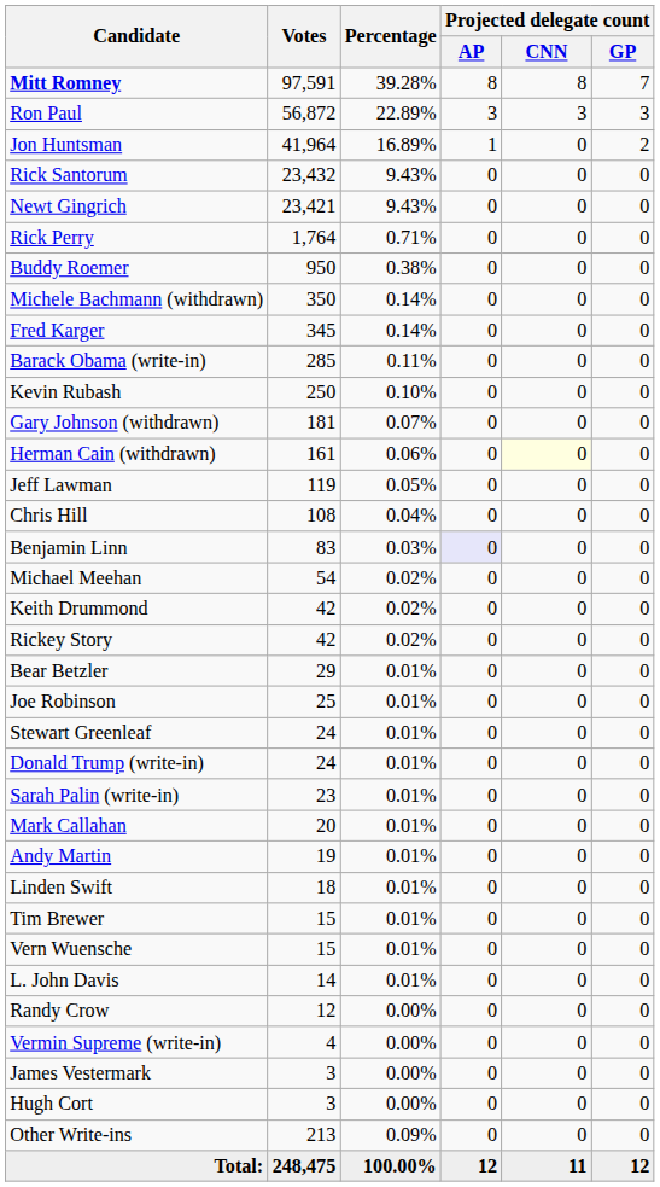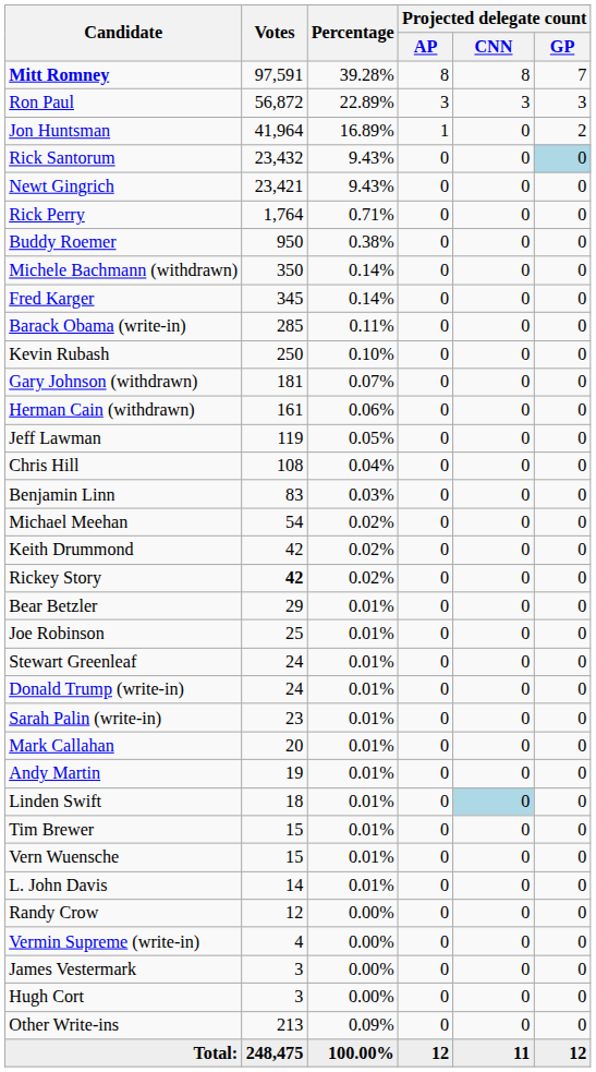 <table class="wikitable" style="text-align:right;">
 <tr>
 <th rowspan="2">Candidate</th>
 <th rowspan="2">Votes</th>
 <th rowspan="2">Percentage</th>
 <th colspan="3">Projected delegate count</th>
 </tr>
 <tr>
 <th><a href='#'>AP</a></th>
 <th><a href='#'>CNN</a></th>
 <th><a href='#'>GP</a></th>
 </tr>
 <tr>
 <td align="left"><strong><a href='#'>Mitt Romney</a></strong></td>
 <td>97,591</td>
 <td>39.28%</td>
 <td>8</td>
 <td>8</td>
 <td>7</td>
 </tr>
 <tr>
 <td align="left"><a href='#'>Ron Paul</a></td>
 <td>56,872</td>
 <td>22.89%</td>
 <td>3</td>
 <td>3</td>
 <td>3</td>
 </tr>
 <tr>
 <td align="left"><a href='#'>Jon Huntsman</a></td>
 <td>41,964</td>
 <td>16.89%</td>
 <td>1</td>
 <td>0</td>
 <td>2</td>
 </tr>
 <tr>
 <td align="left"><a href='#'>Rick Santorum</a></td>
 <td>23,432</td>
 <td>9.43%</td>
 <td>0</td>
 <td>0</td>
-<td>0</td>
+<td style="background: lightblue;">0</td>
 </tr>
 <tr>
 <td align="left"><a href='#'>Newt Gingrich</a></td>
 <td>23,421</td>
 <td>9.43%</td>
 <td>0</td>
 <td>0</td>
 <td>0</td>
 </tr>
 <tr>
 <td align="left"><a href='#'>Rick Perry</a></td>
 <td>1,764</td>
 <td>0.71%</td>
 <td>0</td>
 <td>0</td>
 <td>0</td>
 </tr>
 <tr>
 <td align="left"><a href='#'>Buddy Roemer</a></td>
 <td>950</td>
 <td>0.38%</td>
 <td>0</td>
 <td>0</td>
 <td>0</td>
 </tr>
 <tr>
 <td align="left"><a href='#'>Michele Bachmann</a> (withdrawn)</td>
 <td>350</td>
 <td>0.14%</td>
 <td>0</td>
 <td>0</td>
 <td>0</td>
 </tr>
 <tr>
 <td align="left"><a href='#'>Fred Karger</a></td>
 <td>345</td>
 <td>0.14%</td>
 <td>0</td>
 <td>0</td>
 <td>0</td>
 </tr>
 <tr>
 <td align="left"><a href='#'>Barack Obama</a> (write-in)</td>
 <td>285</td>
 <td>0.11%</td>
 <td>0</td>
 <td>0</td>
 <td>0</td>
 </tr>
 <tr>
 <td align="left">Kevin Rubash</td>
 <td>250</td>
 <td>0.10%</td>
 <td>0</td>
 <td>0</td>
 <td>0</td>
 </tr>
 <tr>
 <td align="left"><a href='#'>Gary Johnson</a> (withdrawn)</td>
 <td>181</td>
 <td>0.07%</td>
 <td>0</td>
 <td>0</td>
 <td>0</td>
 </tr>
 <tr>
 <td align="left"><a href='#'>Herman Cain</a> (withdrawn)</td>
 <td>161</td>
 <td>0.06%</td>
 <td>0</td>
-<td style="background: lightyellow;">0</td>
+<td>0</td>
 <td>0</td>
 </tr>
 <tr>
 <td align="left">Jeff Lawman</td>
 <td>119</td>
 <td>0.05%</td>
 <td>0</td>
 <td>0</td>
 <td>0</td>
 </tr>
 <tr>
 <td align="left">Chris Hill</td>
 <td>108</td>
 <td>0.04%</td>
 <td>0</td>
 <td>0</td>
 <td>0</td>
 </tr>
 <tr>
 <td align="left">Benjamin Linn</td>
 <td>83</td>
 <td>0.03%</td>
-<td style="background: lavender;">0</td>
+<td>0</td>
 <td>0</td>
 <td>0</td>
 </tr>
 <tr>
 <td align="left">Michael Meehan</td>
 <td>54</td>
 <td>0.02%</td>
 <td>0</td>
 <td>0</td>
 <td>0</td>
 </tr>
 <tr>
 <td align="left">Keith Drummond</td>
 <td>42</td>
 <td>0.02%</td>
 <td>0</td>
 <td>0</td>
 <td>0</td>
 </tr>
 <tr>
 <td align="left">Rickey Story</td>
-<td>42</td>
+<td><strong>42</strong></td>
 <td>0.02%</td>
 <td>0</td>
 <td>0</td>
 <td>0</td>
 </tr>
 <tr>
 <td align="left">Bear Betzler</td>
 <td>29</td>
 <td>0.01%</td>
 <td>0</td>
 <td>0</td>
 <td>0</td>
 </tr>
 <tr>
 <td align="left">Joe Robinson</td>
 <td>25</td>
 <td>0.01%</td>
 <td>0</td>
 <td>0</td>
 <td>0</td>
 </tr>
 <tr>
 <td align="left">Stewart Greenleaf</td>
 <td>24</td>
 <td>0.01%</td>
 <td>0</td>
 <td>0</td>
 <td>0</td>
 </tr>
 <tr>
 <td align="left"><a href='#'>Donald Trump</a> (write-in)</td>
 <td>24</td>
 <td>0.01%</td>
 <td>0</td>
 <td>0</td>
 <td>0</td>
 </tr>
 <tr>
 <td align="left"><a href='#'>Sarah Palin</a> (write-in)</td>
 <td>23</td>
 <td>0.01%</td>
 <td>0</td>
 <td>0</td>
 <td>0</td>
 </tr>
 <tr>
 <td align="left"><a href='#'>Mark Callahan</a></td>
 <td>20</td>
 <td>0.01%</td>
 <td>0</td>
 <td>0</td>
 <td>0</td>
 </tr>
 <tr>
 <td align="left"><a href='#'>Andy Martin</a></td>
 <td>19</td>
 <td>0.01%</td>
 <td>0</td>
 <td>0</td>
 <td>0</td>
 </tr>
 <tr>
 <td align="left">Linden Swift</td>
 <td>18</td>
 <td>0.01%</td>
 <td>0</td>
-<td>0</td>
+<td style="background: lightblue;">0</td>
 <td>0</td>
 </tr>
 <tr>
 <td align="left">Tim Brewer</td>
 <td>15</td>
 <td>0.01%</td>
 <td>0</td>
 <td>0</td>
 <td>0</td>
 </tr>
 <tr>
 <td align="left">Vern Wuensche</td>
 <td>15</td>
 <td>0.01%</td>
 <td>0</td>
 <td>0</td>
 <td>0</td>
 </tr>
 <tr>
 <td align="left">L. John Davis</td>
 <td>14</td>
 <td>0.01%</td>
 <td>0</td>
 <td>0</td>
 <td>0</td>
 </tr>
 <tr>
 <td align="left">Randy Crow</td>
 <td>12</td>
 <td>0.00%</td>
 <td>0</td>
 <td>0</td>
 <td>0</td>
 </tr>
 <tr>
 <td align="left"><a href='#'>Vermin Supreme</a> (write-in)</td>
 <td>4</td>
 <td>0.00%</td>
 <td>0</td>
 <td>0</td>
 <td>0</td>
 </tr>
 <tr>
 <td align="left">James Vestermark</td>
 <td>3</td>
 <td>0.00%</td>
 <td>0</td>
 <td>0</td>
 <td>0</td>
 </tr>
 <tr>
 <td align="left">Hugh Cort</td>
 <td>3</td>
 <td>0.00%</td>
 <td>0</td>
 <td>0</td>
 <td>0</td>
 </tr>
 <tr>
 <td align="left">Other Write-ins</td>
 <td>213</td>
 <td>0.09%</td>
 <td>0</td>
 <td>0</td>
 <td>0</td>
 </tr>
 <tr bgcolor="#eeeeee">
 <td><strong>Total:</strong></td>
 <td><strong>248,475</strong></td>
 <td><strong>100.00%</strong></td>
 <td><strong>12</strong></td>
 <td><strong>11</strong></td>
 <td><strong>12</strong></td>
 </tr>
 </table>
